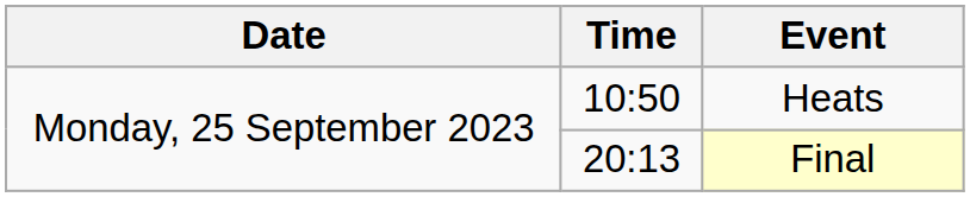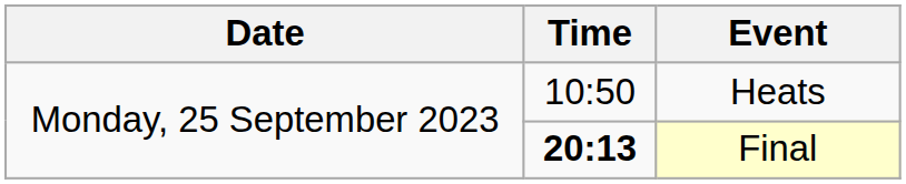 <table class = "wikitable" style="text-align:center;">
 <tr>
 <th width=220>Date</th>
 <th width=50>Time</th>
 <th width=100>Event</th>
 </tr>
 <tr>
 <td rowspan=3>Monday, 25 September 2023</td>
 <td>10:50</td>
 <td>Heats</td>
 </tr>
 <tr>
-<td>20:13</td>
+<td><strong>20:13</strong></td>
 <td bgcolor=ffffcc>Final</td>
 </tr>
 </table>
